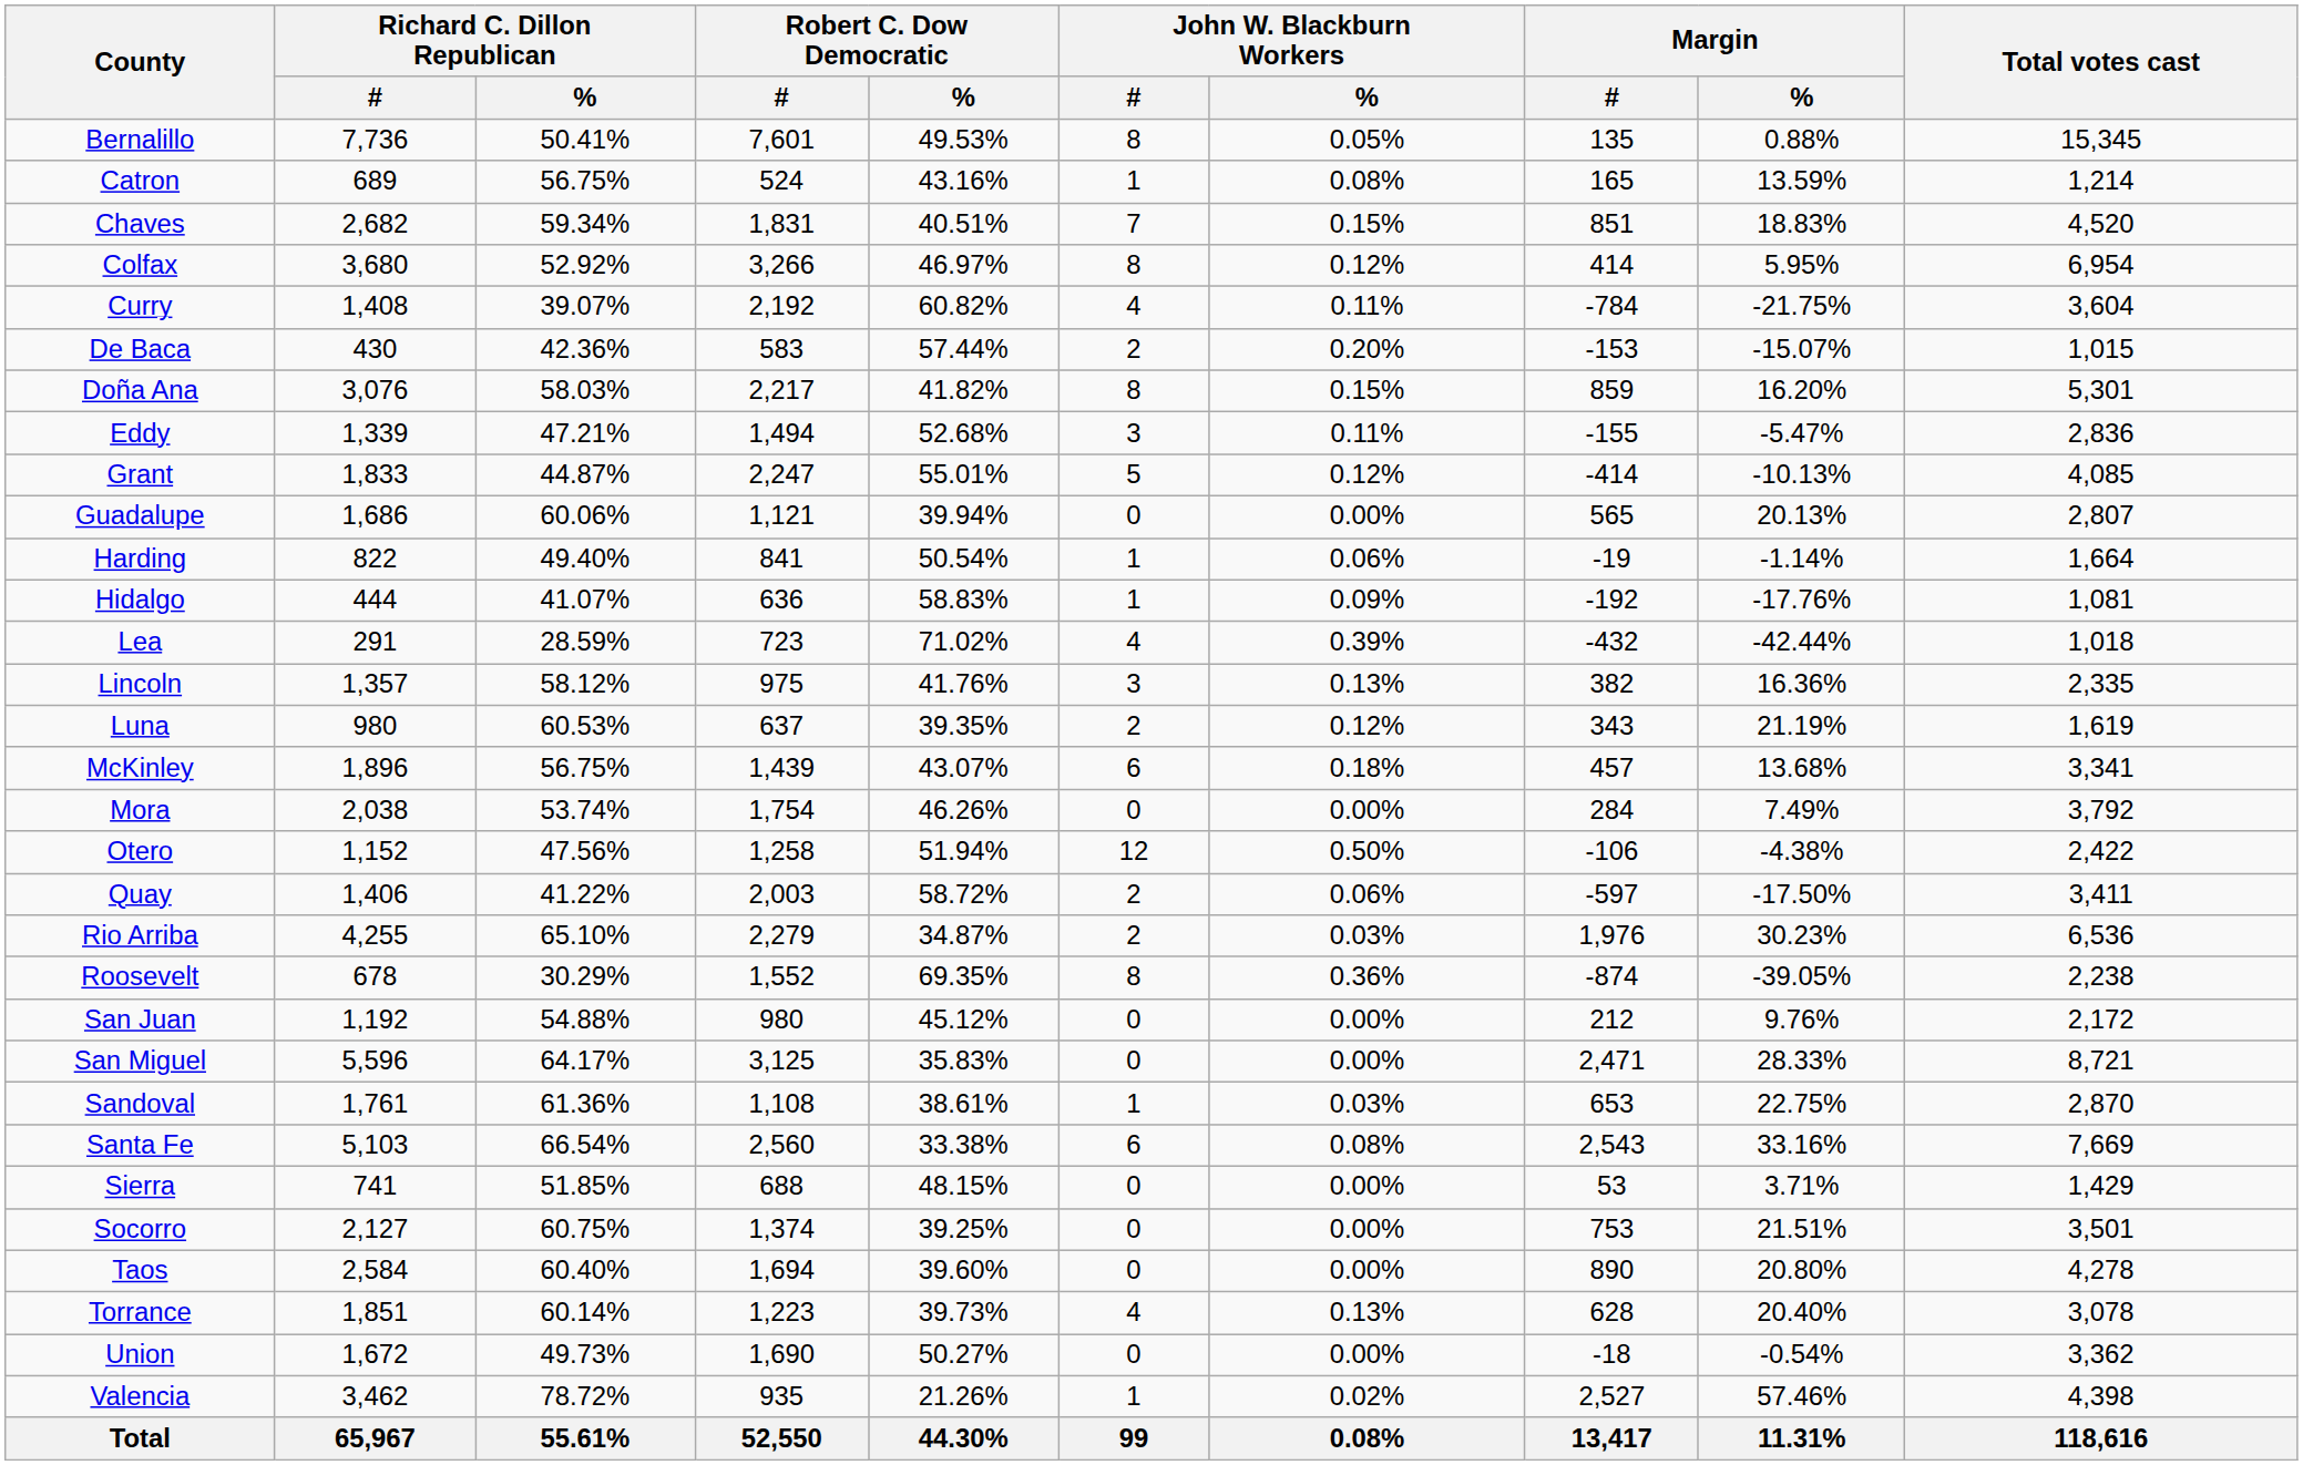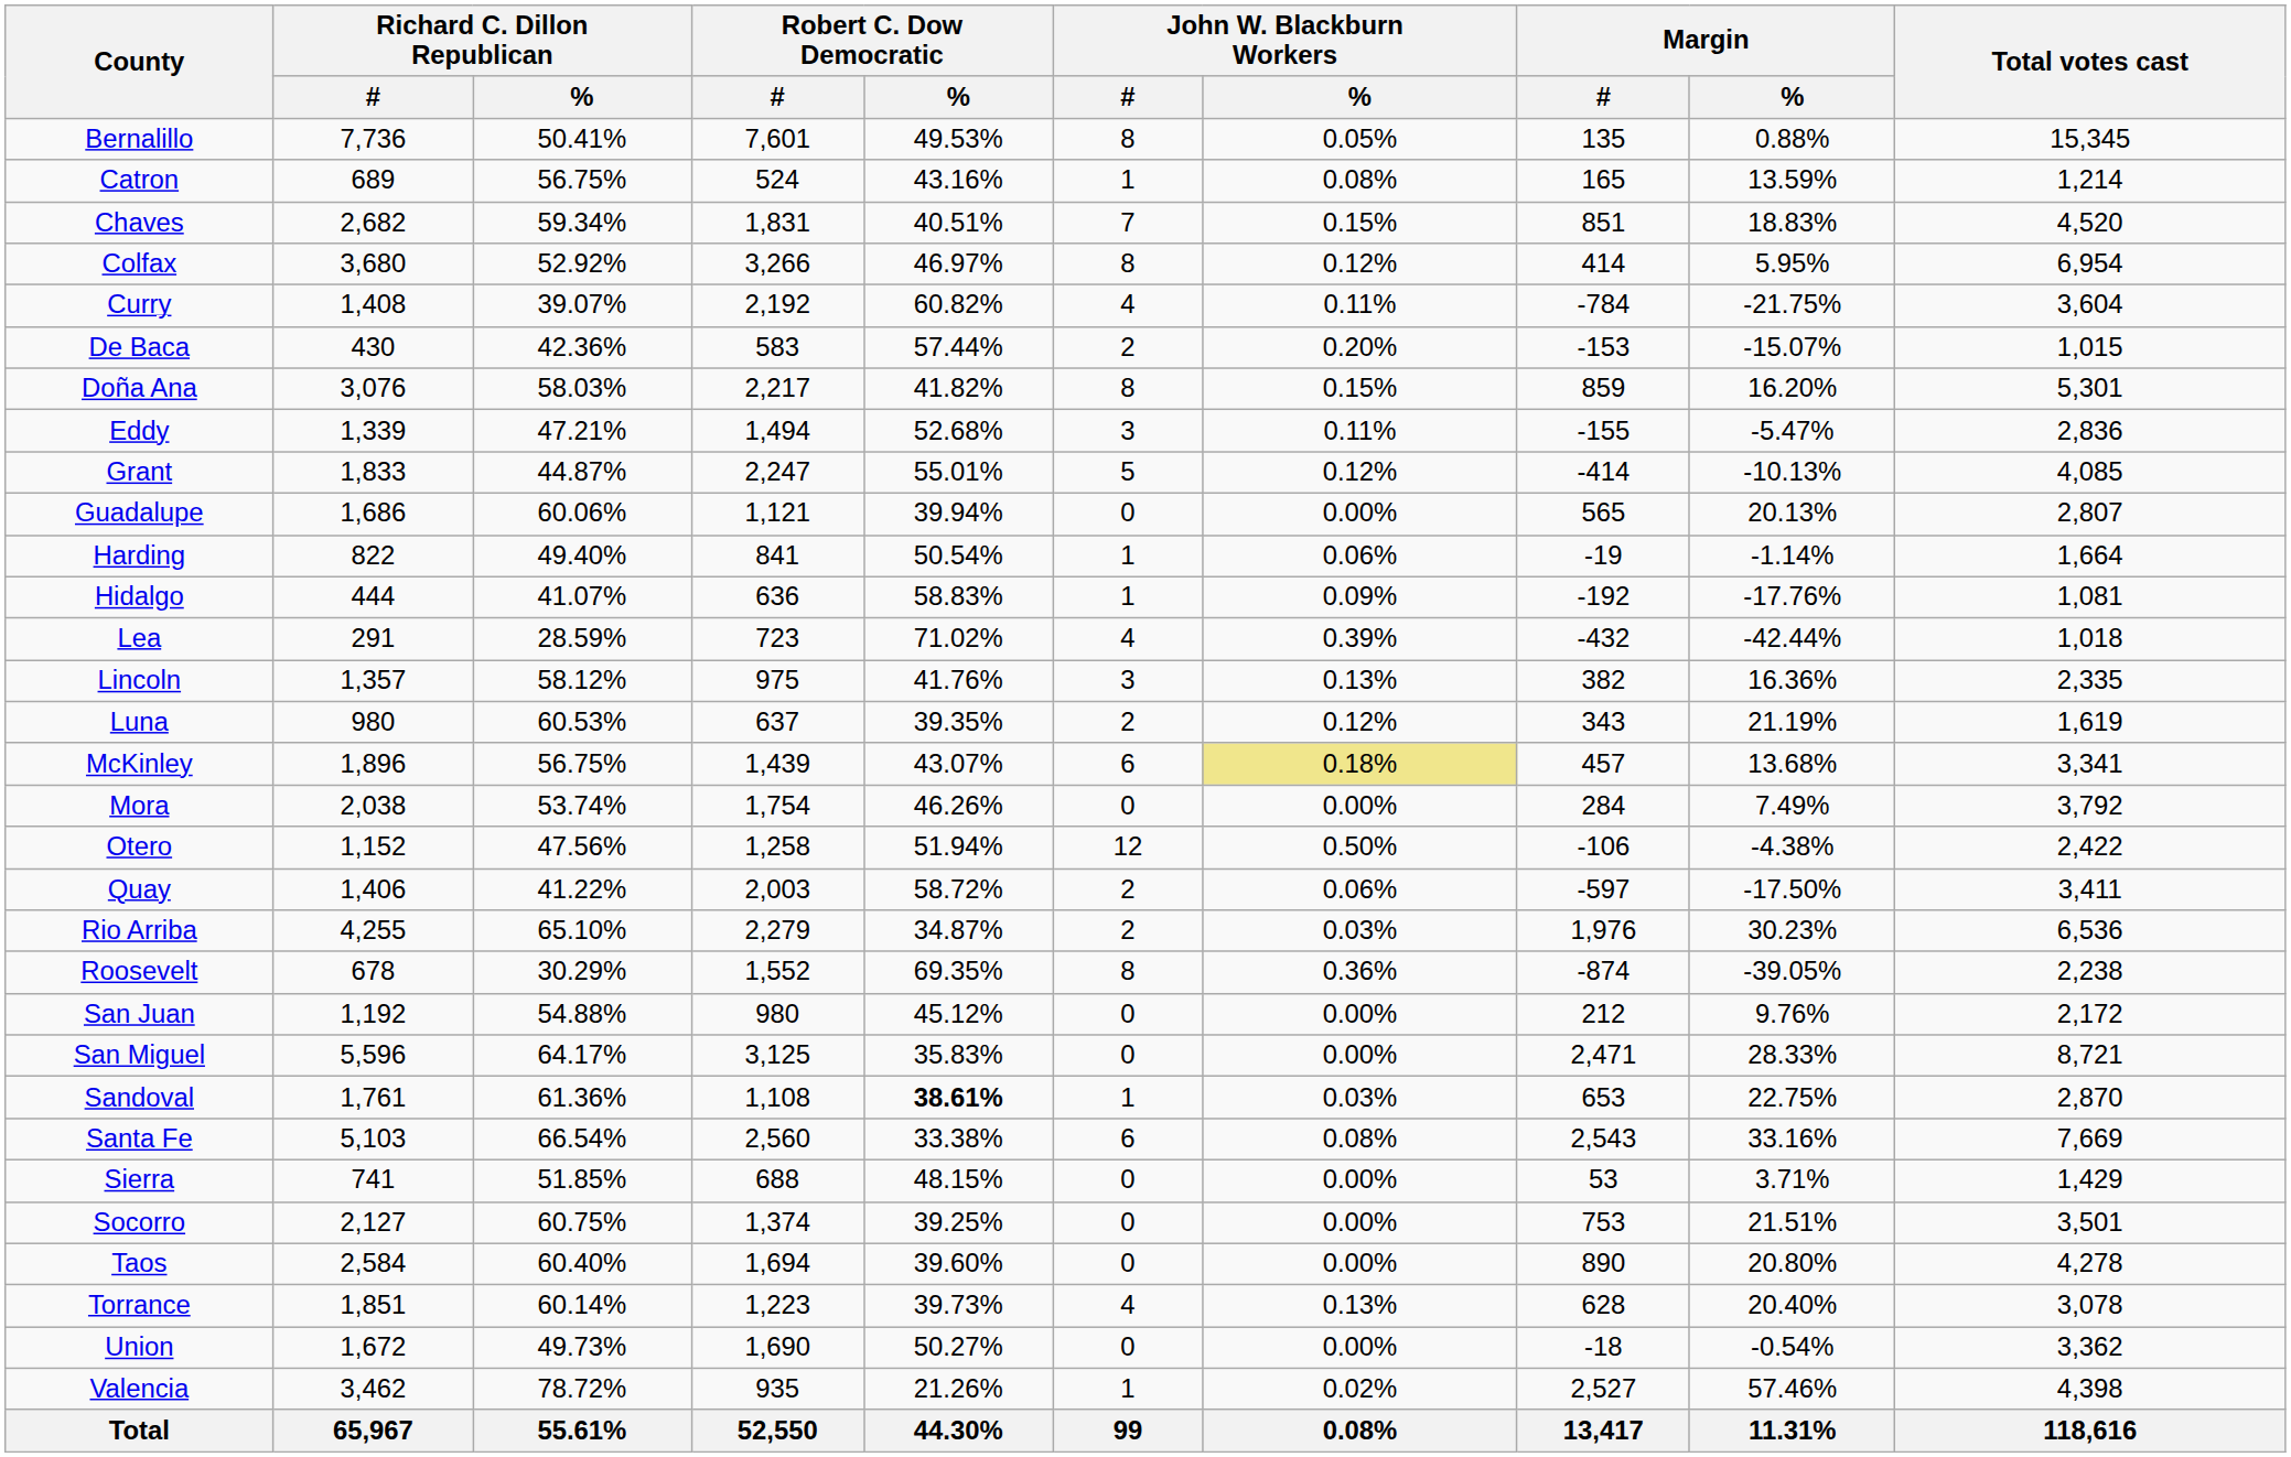 <table width="70%" class="wikitable sortable" style="text-align:center">
 <tr>
 <th style="text-align:center;" rowspan="2">County</th>
 <th style="text-align:center;" colspan="2">Richard C. Dillon<br>Republican</th>
 <th style="text-align:center;" colspan="2">Robert C. Dow<br>Democratic</th>
 <th style="text-align:center;" colspan="2">John W. Blackburn<br>Workers</th>
 <th style="text-align:center;" colspan="2">Margin</th>
 <th style="text-align:center;" rowspan="2">Total votes cast</th>
 </tr>
 <tr>
 <th style="text-align:center;" data-sort-type="number">#</th>
 <th style="text-align:center;" data-sort-type="number">%</th>
 <th style="text-align:center;" data-sort-type="number">#</th>
 <th style="text-align:center;" data-sort-type="number">%</th>
 <th style="text-align:center;" data-sort-type="number">#</th>
 <th style="text-align:center;" data-sort-type="number">%</th>
 <th style="text-align:center;" data-sort-type="number">#</th>
 <th style="text-align:center;" data-sort-type="number">%</th>
 </tr>
 <tr style="text-align:center;">
 <td><a href='#'>Bernalillo</a></td>
 <td>7,736</td>
 <td>50.41%</td>
 <td>7,601</td>
 <td>49.53%</td>
 <td>8</td>
 <td>0.05%</td>
 <td>135</td>
 <td>0.88%</td>
 <td>15,345</td>
 </tr>
 <tr style="text-align:center;">
 <td><a href='#'>Catron</a></td>
 <td>689</td>
 <td>56.75%</td>
 <td>524</td>
 <td>43.16%</td>
 <td>1</td>
 <td>0.08%</td>
 <td>165</td>
 <td>13.59%</td>
 <td>1,214</td>
 </tr>
 <tr style="text-align:center;">
 <td><a href='#'>Chaves</a></td>
 <td>2,682</td>
 <td>59.34%</td>
 <td>1,831</td>
 <td>40.51%</td>
 <td>7</td>
 <td>0.15%</td>
 <td>851</td>
 <td>18.83%</td>
 <td>4,520</td>
 </tr>
 <tr style="text-align:center;">
 <td><a href='#'>Colfax</a></td>
 <td>3,680</td>
 <td>52.92%</td>
 <td>3,266</td>
 <td>46.97%</td>
 <td>8</td>
 <td>0.12%</td>
 <td>414</td>
 <td>5.95%</td>
 <td>6,954</td>
 </tr>
 <tr style="text-align:center;">
 <td><a href='#'>Curry</a></td>
 <td>1,408</td>
 <td>39.07%</td>
 <td>2,192</td>
 <td>60.82%</td>
 <td>4</td>
 <td>0.11%</td>
 <td>-784</td>
 <td>-21.75%</td>
 <td>3,604</td>
 </tr>
 <tr style="text-align:center;">
 <td><a href='#'>De Baca</a></td>
 <td>430</td>
 <td>42.36%</td>
 <td>583</td>
 <td>57.44%</td>
 <td>2</td>
 <td>0.20%</td>
 <td>-153</td>
 <td>-15.07%</td>
 <td>1,015</td>
 </tr>
 <tr style="text-align:center;">
 <td><a href='#'>Doña Ana</a></td>
 <td>3,076</td>
 <td>58.03%</td>
 <td>2,217</td>
 <td>41.82%</td>
 <td>8</td>
 <td>0.15%</td>
 <td>859</td>
 <td>16.20%</td>
 <td>5,301</td>
 </tr>
 <tr style="text-align:center;">
 <td><a href='#'>Eddy</a></td>
 <td>1,339</td>
 <td>47.21%</td>
 <td>1,494</td>
 <td>52.68%</td>
 <td>3</td>
 <td>0.11%</td>
 <td>-155</td>
 <td>-5.47%</td>
 <td>2,836</td>
 </tr>
 <tr style="text-align:center;">
 <td><a href='#'>Grant</a></td>
 <td>1,833</td>
 <td>44.87%</td>
 <td>2,247</td>
 <td>55.01%</td>
 <td>5</td>
 <td>0.12%</td>
 <td>-414</td>
 <td>-10.13%</td>
 <td>4,085</td>
 </tr>
 <tr style="text-align:center;">
 <td><a href='#'>Guadalupe</a></td>
 <td>1,686</td>
 <td>60.06%</td>
 <td>1,121</td>
 <td>39.94%</td>
 <td>0</td>
 <td>0.00%</td>
 <td>565</td>
 <td>20.13%</td>
 <td>2,807</td>
 </tr>
 <tr style="text-align:center;">
 <td><a href='#'>Harding</a></td>
 <td>822</td>
 <td>49.40%</td>
 <td>841</td>
 <td>50.54%</td>
 <td>1</td>
 <td>0.06%</td>
 <td>-19</td>
 <td>-1.14%</td>
 <td>1,664</td>
 </tr>
 <tr style="text-align:center;">
 <td><a href='#'>Hidalgo</a></td>
 <td>444</td>
 <td>41.07%</td>
 <td>636</td>
 <td>58.83%</td>
 <td>1</td>
 <td>0.09%</td>
 <td>-192</td>
 <td>-17.76%</td>
 <td>1,081</td>
 </tr>
 <tr style="text-align:center;">
 <td><a href='#'>Lea</a></td>
 <td>291</td>
 <td>28.59%</td>
 <td>723</td>
 <td>71.02%</td>
 <td>4</td>
 <td>0.39%</td>
 <td>-432</td>
 <td>-42.44%</td>
 <td>1,018</td>
 </tr>
 <tr style="text-align:center;">
 <td><a href='#'>Lincoln</a></td>
 <td>1,357</td>
 <td>58.12%</td>
 <td>975</td>
 <td>41.76%</td>
 <td>3</td>
 <td>0.13%</td>
 <td>382</td>
 <td>16.36%</td>
 <td>2,335</td>
 </tr>
 <tr style="text-align:center;">
 <td><a href='#'>Luna</a></td>
 <td>980</td>
 <td>60.53%</td>
 <td>637</td>
 <td>39.35%</td>
 <td>2</td>
 <td>0.12%</td>
 <td>343</td>
 <td>21.19%</td>
 <td>1,619</td>
 </tr>
 <tr style="text-align:center;">
 <td><a href='#'>McKinley</a></td>
 <td>1,896</td>
 <td>56.75%</td>
 <td>1,439</td>
 <td>43.07%</td>
 <td>6</td>
-<td>0.18%</td>
+<td style="background: khaki;">0.18%</td>
 <td>457</td>
 <td>13.68%</td>
 <td>3,341</td>
 </tr>
 <tr style="text-align:center;">
 <td><a href='#'>Mora</a></td>
 <td>2,038</td>
 <td>53.74%</td>
 <td>1,754</td>
 <td>46.26%</td>
 <td>0</td>
 <td>0.00%</td>
 <td>284</td>
 <td>7.49%</td>
 <td>3,792</td>
 </tr>
 <tr style="text-align:center;">
 <td><a href='#'>Otero</a></td>
 <td>1,152</td>
 <td>47.56%</td>
 <td>1,258</td>
 <td>51.94%</td>
 <td>12</td>
 <td>0.50%</td>
 <td>-106</td>
 <td>-4.38%</td>
 <td>2,422</td>
 </tr>
 <tr style="text-align:center;">
 <td><a href='#'>Quay</a></td>
 <td>1,406</td>
 <td>41.22%</td>
 <td>2,003</td>
 <td>58.72%</td>
 <td>2</td>
 <td>0.06%</td>
 <td>-597</td>
 <td>-17.50%</td>
 <td>3,411</td>
 </tr>
 <tr style="text-align:center;">
 <td><a href='#'>Rio Arriba</a></td>
 <td>4,255</td>
 <td>65.10%</td>
 <td>2,279</td>
 <td>34.87%</td>
 <td>2</td>
 <td>0.03%</td>
 <td>1,976</td>
 <td>30.23%</td>
 <td>6,536</td>
 </tr>
 <tr style="text-align:center;">
 <td><a href='#'>Roosevelt</a></td>
 <td>678</td>
 <td>30.29%</td>
 <td>1,552</td>
 <td>69.35%</td>
 <td>8</td>
 <td>0.36%</td>
 <td>-874</td>
 <td>-39.05%</td>
 <td>2,238</td>
 </tr>
 <tr style="text-align:center;">
 <td><a href='#'>San Juan</a></td>
 <td>1,192</td>
 <td>54.88%</td>
 <td>980</td>
 <td>45.12%</td>
 <td>0</td>
 <td>0.00%</td>
 <td>212</td>
 <td>9.76%</td>
 <td>2,172</td>
 </tr>
 <tr style="text-align:center;">
 <td><a href='#'>San Miguel</a></td>
 <td>5,596</td>
 <td>64.17%</td>
 <td>3,125</td>
 <td>35.83%</td>
 <td>0</td>
 <td>0.00%</td>
 <td>2,471</td>
 <td>28.33%</td>
 <td>8,721</td>
 </tr>
 <tr style="text-align:center;">
 <td><a href='#'>Sandoval</a></td>
 <td>1,761</td>
 <td>61.36%</td>
 <td>1,108</td>
-<td>38.61%</td>
+<td><strong>38.61%</strong></td>
 <td>1</td>
 <td>0.03%</td>
 <td>653</td>
 <td>22.75%</td>
 <td>2,870</td>
 </tr>
 <tr style="text-align:center;">
 <td><a href='#'>Santa Fe</a></td>
 <td>5,103</td>
 <td>66.54%</td>
 <td>2,560</td>
 <td>33.38%</td>
 <td>6</td>
 <td>0.08%</td>
 <td>2,543</td>
 <td>33.16%</td>
 <td>7,669</td>
 </tr>
 <tr style="text-align:center;">
 <td><a href='#'>Sierra</a></td>
 <td>741</td>
 <td>51.85%</td>
 <td>688</td>
 <td>48.15%</td>
 <td>0</td>
 <td>0.00%</td>
 <td>53</td>
 <td>3.71%</td>
 <td>1,429</td>
 </tr>
 <tr style="text-align:center;">
 <td><a href='#'>Socorro</a></td>
 <td>2,127</td>
 <td>60.75%</td>
 <td>1,374</td>
 <td>39.25%</td>
 <td>0</td>
 <td>0.00%</td>
 <td>753</td>
 <td>21.51%</td>
 <td>3,501</td>
 </tr>
 <tr style="text-align:center;">
 <td><a href='#'>Taos</a></td>
 <td>2,584</td>
 <td>60.40%</td>
 <td>1,694</td>
 <td>39.60%</td>
 <td>0</td>
 <td>0.00%</td>
 <td>890</td>
 <td>20.80%</td>
 <td>4,278</td>
 </tr>
 <tr style="text-align:center;">
 <td><a href='#'>Torrance</a></td>
 <td>1,851</td>
 <td>60.14%</td>
 <td>1,223</td>
 <td>39.73%</td>
 <td>4</td>
 <td>0.13%</td>
 <td>628</td>
 <td>20.40%</td>
 <td>3,078</td>
 </tr>
 <tr style="text-align:center;">
 <td><a href='#'>Union</a></td>
 <td>1,672</td>
 <td>49.73%</td>
 <td>1,690</td>
 <td>50.27%</td>
 <td>0</td>
 <td>0.00%</td>
 <td>-18</td>
 <td>-0.54%</td>
 <td>3,362</td>
 </tr>
 <tr style="text-align:center;">
 <td><a href='#'>Valencia</a></td>
 <td>3,462</td>
 <td>78.72%</td>
 <td>935</td>
 <td>21.26%</td>
 <td>1</td>
 <td>0.02%</td>
 <td>2,527</td>
 <td>57.46%</td>
 <td>4,398</td>
 </tr>
 <tr style="text-align:center;">
 <th>Total</th>
 <th>65,967</th>
 <th>55.61%</th>
 <th>52,550</th>
 <th>44.30%</th>
 <th>99</th>
 <th>0.08%</th>
 <th>13,417</th>
 <th>11.31%</th>
 <th>118,616</th>
 </tr>
 </table>
